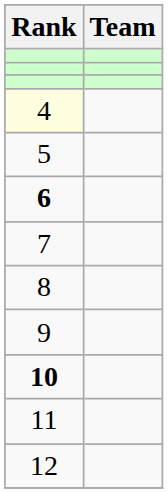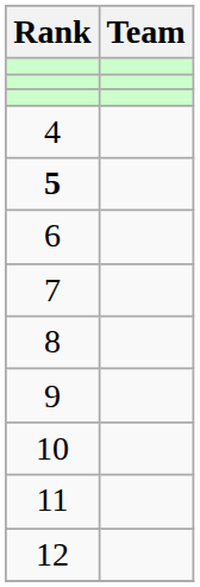 <table class="wikitable">
 <tr>
 <th>Rank</th>
 <th>Team</th>
 </tr>
 <tr style="background: #ccffcc">
 <td align=center></td>
 <td></td>
 </tr>
 <tr style="background: #ccffcc">
 <td align=center></td>
 <td></td>
 </tr>
 <tr style="background: #ccffcc">
 <td align=center></td>
 <td></td>
 </tr>
 <tr>
-<td align=center style="background: lightyellow;">4</td>
+<td align=center>4</td>
 <td></td>
 </tr>
 <tr>
-<td align=center>5</td>
+<td align=center><strong>5</strong></td>
 <td></td>
 </tr>
 <tr>
-<td align=center><strong>6</strong></td>
+<td align=center>6</td>
 <td></td>
 </tr>
 <tr>
 <td align=center>7</td>
 <td></td>
 </tr>
 <tr>
 <td align=center>8</td>
 <td></td>
 </tr>
 <tr>
 <td align=center>9</td>
 <td></td>
 </tr>
 <tr>
-<td align=center><strong>10</strong></td>
+<td align=center>10</td>
 <td></td>
 </tr>
 <tr>
 <td align=center>11</td>
 <td></td>
 </tr>
 <tr>
 <td align=center>12</td>
 <td></td>
 </tr>
 <tr>
 </tr>
 </table>
